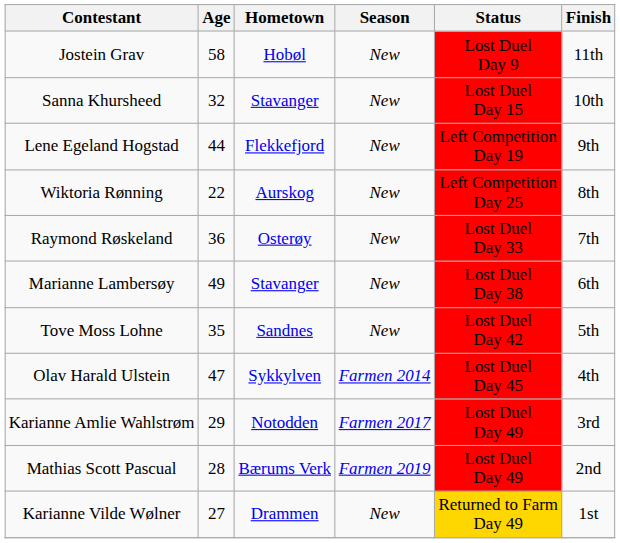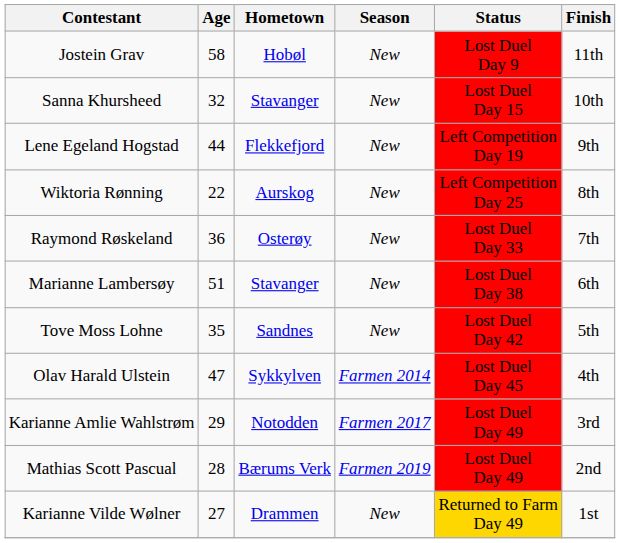 <table class="wikitable sortable" style="margin:auto; text-align:center">
 <tr>
 <th>Contestant</th>
 <th>Age</th>
 <th>Hometown</th>
 <th>Season</th>
 <th>Status</th>
 <th>Finish</th>
 </tr>
 <tr>
 <td>Jostein Grav</td>
 <td>58</td>
 <td><a href='#'>Hobøl</a></td>
 <td><em>New</em></td>
 <td style="background:#ff0000;">Lost Duel<br>Day 9</td>
 <td>11th</td>
 </tr>
 <tr>
 <td>Sanna Khursheed</td>
 <td>32</td>
 <td><a href='#'>Stavanger</a></td>
 <td><em>New</em></td>
 <td style="background:#ff0000;">Lost Duel<br>Day 15</td>
 <td>10th</td>
 </tr>
 <tr>
 <td>Lene Egeland Hogstad</td>
 <td>44</td>
 <td><a href='#'>Flekkefjord</a></td>
 <td><em>New</em></td>
 <td style="background:#ff0000;">Left Competition<br>Day 19</td>
 <td>9th</td>
 </tr>
 <tr>
 <td>Wiktoria Rønning</td>
 <td>22</td>
 <td><a href='#'>Aurskog</a></td>
 <td><em>New</em></td>
 <td style="background:#ff0000;">Left Competition<br>Day 25</td>
 <td>8th</td>
 </tr>
 <tr>
 <td>Raymond Røskeland</td>
 <td>36</td>
 <td><a href='#'>Osterøy</a></td>
 <td><em>New</em></td>
 <td style="background:#ff0000;">Lost Duel<br>Day 33</td>
 <td>7th</td>
 </tr>
 <tr>
 <td>Marianne Lambersøy</td>
-<td>49</td>
+<td>51</td>
 <td><a href='#'>Stavanger</a></td>
 <td><em>New</em></td>
 <td style="background:#ff0000;">Lost Duel<br>Day 38</td>
 <td>6th</td>
 </tr>
 <tr>
 <td>Tove Moss Lohne</td>
 <td>35</td>
 <td><a href='#'>Sandnes</a></td>
 <td><em>New</em></td>
 <td style="background:#ff0000;">Lost Duel<br>Day 42</td>
 <td>5th</td>
 </tr>
 <tr>
 <td>Olav Harald Ulstein</td>
 <td>47</td>
 <td><a href='#'>Sykkylven</a></td>
 <td><em><a href='#'>Farmen 2014</a></em></td>
 <td style="background:#ff0000;">Lost Duel<br>Day 45</td>
 <td>4th</td>
 </tr>
 <tr>
 <td>Karianne Amlie Wahlstrøm</td>
 <td>29</td>
 <td><a href='#'>Notodden</a></td>
 <td><em><a href='#'>Farmen 2017</a></em></td>
 <td style="background:#ff0000;">Lost Duel<br>Day 49</td>
 <td>3rd</td>
 </tr>
 <tr>
 <td>Mathias Scott Pascual</td>
 <td>28</td>
 <td><a href='#'>Bærums Verk</a></td>
 <td><em><a href='#'>Farmen 2019</a></em></td>
 <td style="background:#ff0000;">Lost Duel<br>Day 49</td>
 <td>2nd</td>
 </tr>
 <tr>
 <td>Karianne Vilde Wølner</td>
 <td>27</td>
 <td><a href='#'>Drammen</a></td>
 <td><em>New</em></td>
 <td style="background:gold;">Returned to Farm<br>Day 49</td>
 <td>1st</td>
 </tr>
 <tr>
 </tr>
 </table>
